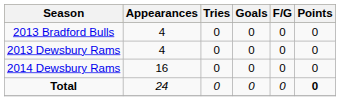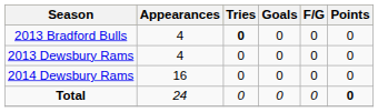 <table class="wikitable" style="text-align:center;">
 <tr bgcolor=#bdb76b>
 <th>Season</th>
 <th>Appearances</th>
 <th>Tries</th>
 <th>Goals</th>
 <th>F/G</th>
 <th>Points</th>
 </tr>
 <tr>
 <td><a href='#'>2013 Bradford Bulls</a></td>
 <td>4</td>
-<td>0</td>
+<td><strong>0</strong></td>
 <td>0</td>
 <td>0</td>
 <td>0</td>
 </tr>
 <tr>
 <td><a href='#'>2013 Dewsbury Rams</a></td>
 <td>4</td>
 <td>0</td>
 <td>0</td>
 <td>0</td>
 <td>0</td>
 </tr>
 <tr>
 <td><a href='#'>2014 Dewsbury Rams</a></td>
 <td>16</td>
 <td>0</td>
 <td>0</td>
 <td>0</td>
 <td>0</td>
 </tr>
 <tr>
 <td><strong>Total</strong></td>
 <td><em>24</em></td>
 <td><em>0</em></td>
 <td><em>0</em></td>
 <td><em>0</em></td>
 <td><strong>0</strong></td>
 </tr>
 <tr>
 </tr>
 </table>
